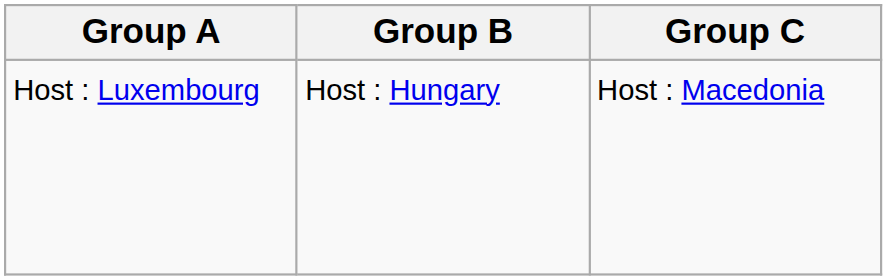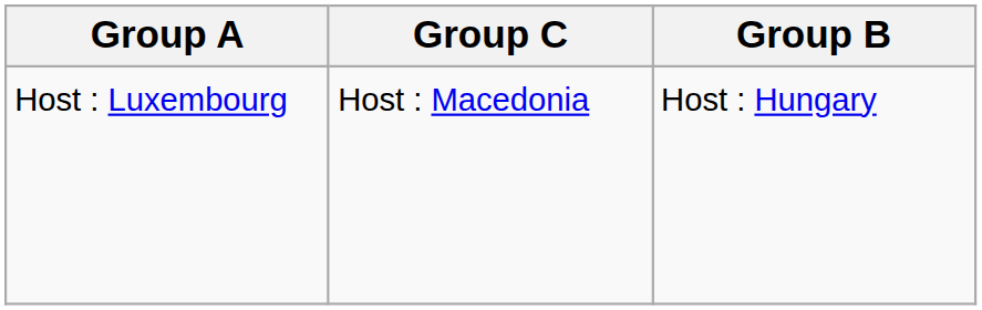 <table class="wikitable">
 <tr>
 <th width=30%>Group A</th>
+<th width=30%>Group C</th>
 <th width=30%>Group B</th>
-<th width=30%>Group C</th>
 </tr>
 <tr>
 <td><small>Host : <a href='#'>Luxembourg</a></small><br> <br>  <br>  <br>  <br></td>
+<td><small>Host : <a href='#'>Macedonia</a></small><br> <br>  <br>  <br>  <br></td>
 <td><small>Host : <a href='#'>Hungary</a></small><br> <br>  <br>  <br>  <br></td>
-<td><small>Host : <a href='#'>Macedonia</a></small><br> <br>  <br>  <br>  <br></td>
 </tr>
 </table>
